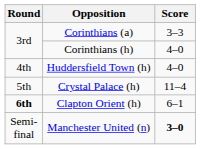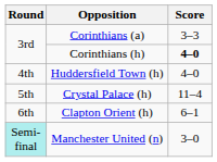 <table class="wikitable" style="text-align:center;margin-left:1em;float:right">
 <tr>
 <th width="25">Round</th>
 <th width="150">Opposition</th>
 <th width="50">Score</th>
 </tr>
 <tr>
 <td rowspan="2">3rd</td>
 <td><a href='#'>Corinthians</a> (a)</td>
 <td>3–3</td>
 </tr>
 <tr>
 <td>Corinthians (h)</td>
-<td>4–0</td>
+<td><strong>4–0</strong></td>
 </tr>
 <tr>
 <td>4th</td>
 <td><a href='#'>Huddersfield Town</a> (h)</td>
 <td>4–0</td>
 </tr>
 <tr>
 <td>5th</td>
 <td><a href='#'>Crystal Palace</a> (h)</td>
 <td>11–4</td>
 </tr>
 <tr>
-<td><strong>6th</strong></td>
+<td>6th</td>
 <td><a href='#'>Clapton Orient</a> (h)</td>
 <td>6–1</td>
 </tr>
 <tr>
-<td>Semi-final</td>
+<td style="background: paleturquoise;">Semi-final</td>
 <td><a href='#'>Manchester United</a> (<a href='#'>n</a>)</td>
-<td><strong>3–0</strong></td>
+<td>3–0</td>
 </tr>
 </table>
